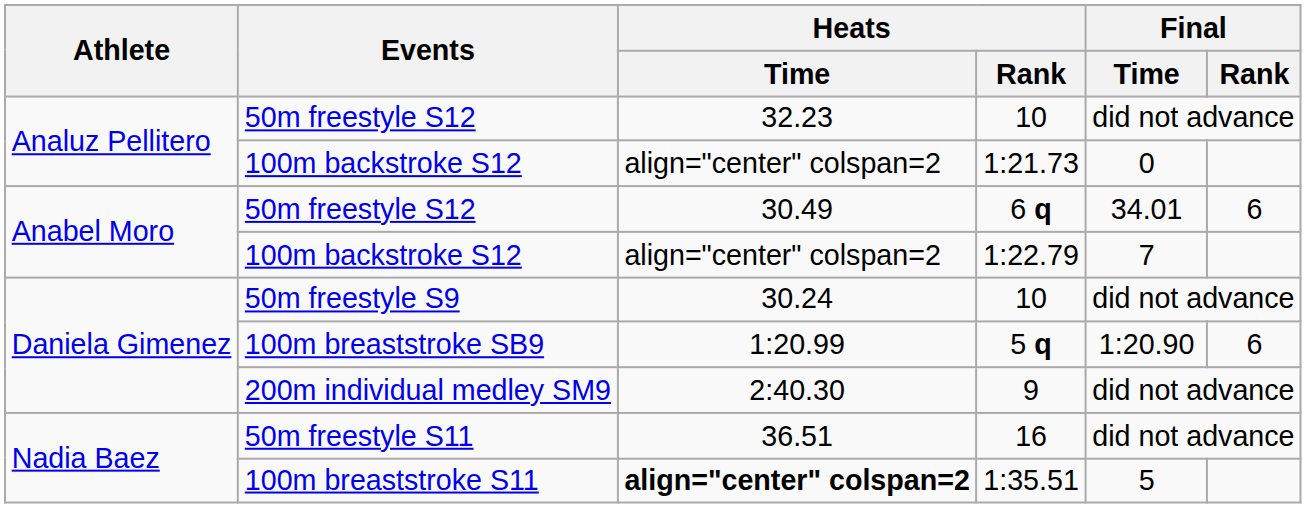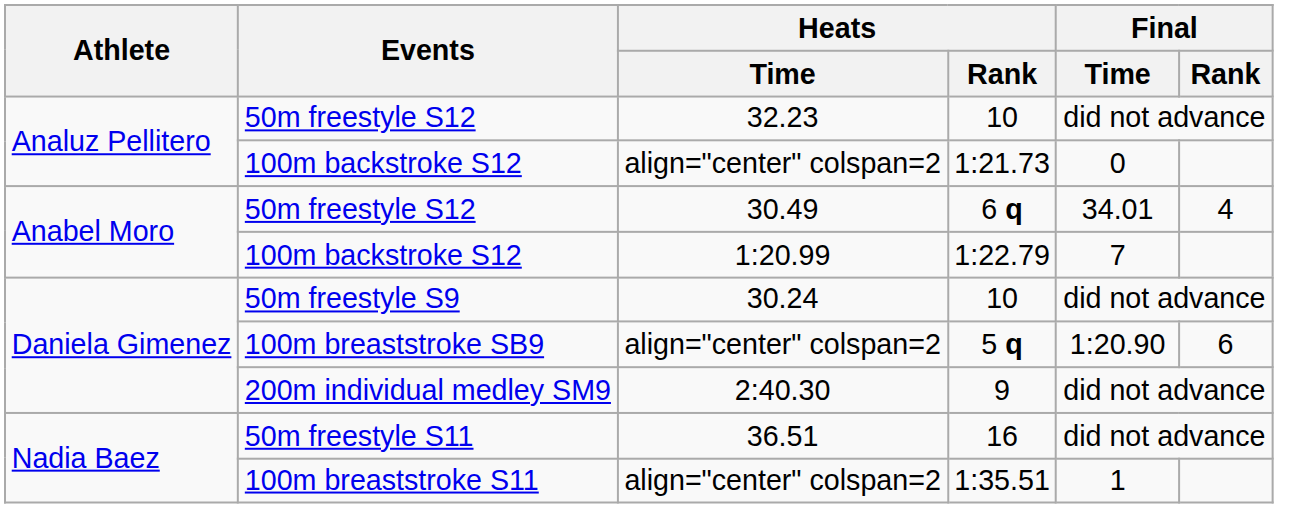 <table class=wikitable style="font-size:90%">
 <tr>
 <th rowspan="2">Athlete</th>
 <th rowspan="2">Events</th>
 <th colspan="2">Heats</th>
 <th colspan="2">Final</th>
 </tr>
 <tr>
 <th>Time</th>
 <th>Rank</th>
 <th>Time</th>
 <th>Rank</th>
 </tr>
 <tr>
 <td rowspan="2"><a href='#'>Analuz Pellitero</a></td>
 <td><a href='#'>50m freestyle S12</a></td>
 <td align="center">32.23</td>
 <td align="center">10</td>
 <td align="center" colspan=2>did not advance</td>
 </tr>
 <tr>
 <td><a href='#'>100m backstroke S12</a></td>
 <td>align="center" colspan=2 </td>
 <td align="center">1:21.73</td>
 <td align="center">0</td>
 </tr>
 <tr>
 <td rowspan="2"><a href='#'>Anabel Moro</a></td>
 <td><a href='#'>50m freestyle S12</a></td>
 <td align="center">30.49</td>
 <td align="center">6 <strong>q</strong></td>
 <td align="center">34.01</td>
-<td align="center">6</td>
+<td align="center">4</td>
 </tr>
 <tr>
 <td><a href='#'>100m backstroke S12</a></td>
-<td>align="center" colspan=2 </td>
+<td align="center">1:20.99</td>
 <td align="center">1:22.79</td>
 <td align="center">7</td>
 </tr>
 <tr>
 <td rowspan="3"><a href='#'>Daniela Gimenez</a></td>
 <td><a href='#'>50m freestyle S9</a></td>
 <td align="center">30.24</td>
 <td align="center">10</td>
 <td align="center" colspan=2>did not advance</td>
 </tr>
 <tr>
 <td><a href='#'>100m breaststroke SB9</a></td>
-<td align="center">1:20.99</td>
+<td>align="center" colspan=2 </td>
 <td align="center">5 <strong>q</strong></td>
 <td align="center">1:20.90</td>
 <td align="center">6</td>
 </tr>
 <tr>
 <td><a href='#'>200m individual medley SM9</a></td>
 <td align="center">2:40.30</td>
 <td align="center">9</td>
 <td align="center" colspan=2>did not advance</td>
 </tr>
 <tr>
 <td rowspan="2"><a href='#'>Nadia Baez</a></td>
 <td><a href='#'>50m freestyle S11</a></td>
 <td align="center">36.51</td>
 <td align="center">16</td>
 <td align="center" colspan=2>did not advance</td>
 </tr>
 <tr>
 <td><a href='#'>100m breaststroke S11</a></td>
-<td><strong>align="center" colspan=2 </strong></td>
+<td>align="center" colspan=2 </td>
 <td align="center">1:35.51</td>
-<td align="center">5</td>
+<td align="center">1</td>
 </tr>
 </table>
